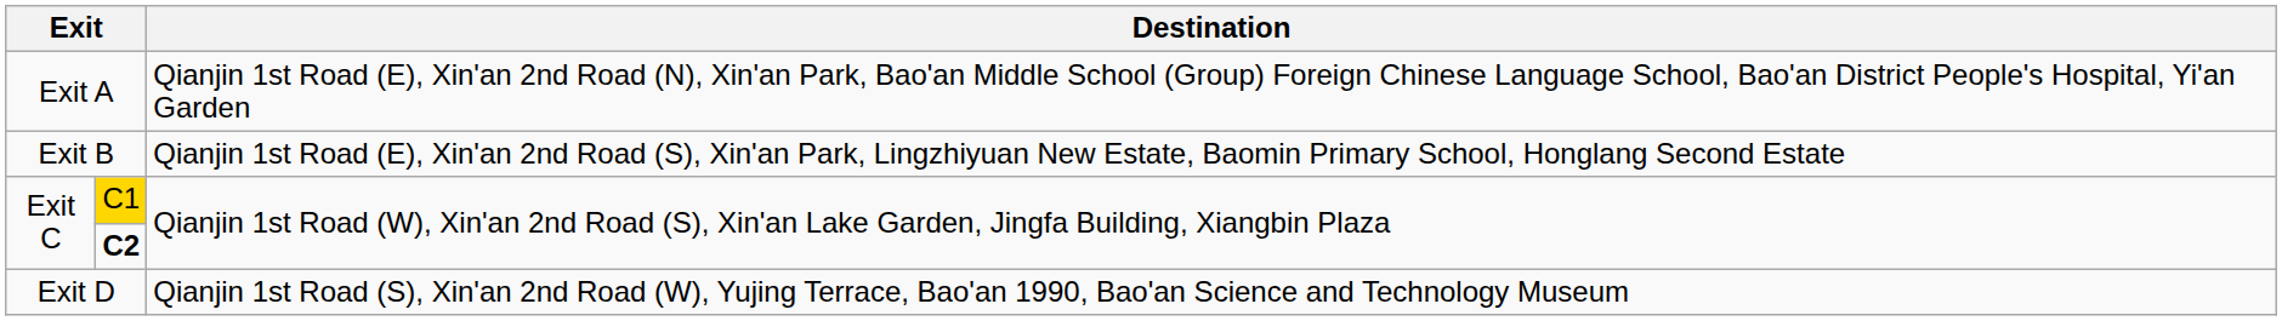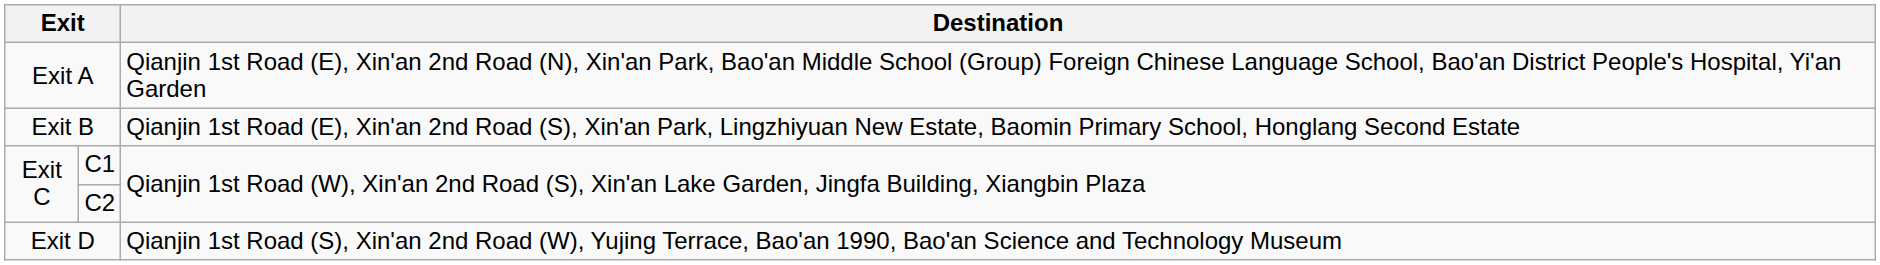 <table class="wikitable">
 <tr>
 <th style="width:70px" colspan=2>Exit</th>
 <th>Destination</th>
 </tr>
 <tr>
 <td align=center colspan=2>Exit A</td>
 <td>Qianjin 1st Road (E), Xin'an 2nd Road (N), Xin'an Park, Bao'an Middle School (Group) Foreign Chinese Language School, Bao'an District People's Hospital, Yi'an Garden</td>
 </tr>
 <tr>
 <td align=center colspan=2>Exit B</td>
 <td>Qianjin 1st Road (E), Xin'an 2nd Road (S), Xin'an Park, Lingzhiyuan New Estate, Baomin Primary School, Honglang Second Estate</td>
 </tr>
 <tr>
 <td align=center rowspan=2>Exit C</td>
-<td style="background: gold;">C1</td>
+<td>C1</td>
 <td rowspan=2>Qianjin 1st Road (W), Xin'an 2nd Road (S), Xin'an Lake Garden, Jingfa Building, Xiangbin Plaza</td>
 </tr>
 <tr>
-<td><strong>C2</strong></td>
+<td>C2</td>
 </tr>
 <tr>
 <td align=center colspan=2>Exit D</td>
 <td>Qianjin 1st Road (S), Xin'an 2nd Road (W), Yujing Terrace, Bao'an 1990, Bao'an Science and Technology Museum</td>
 </tr>
 </table>
